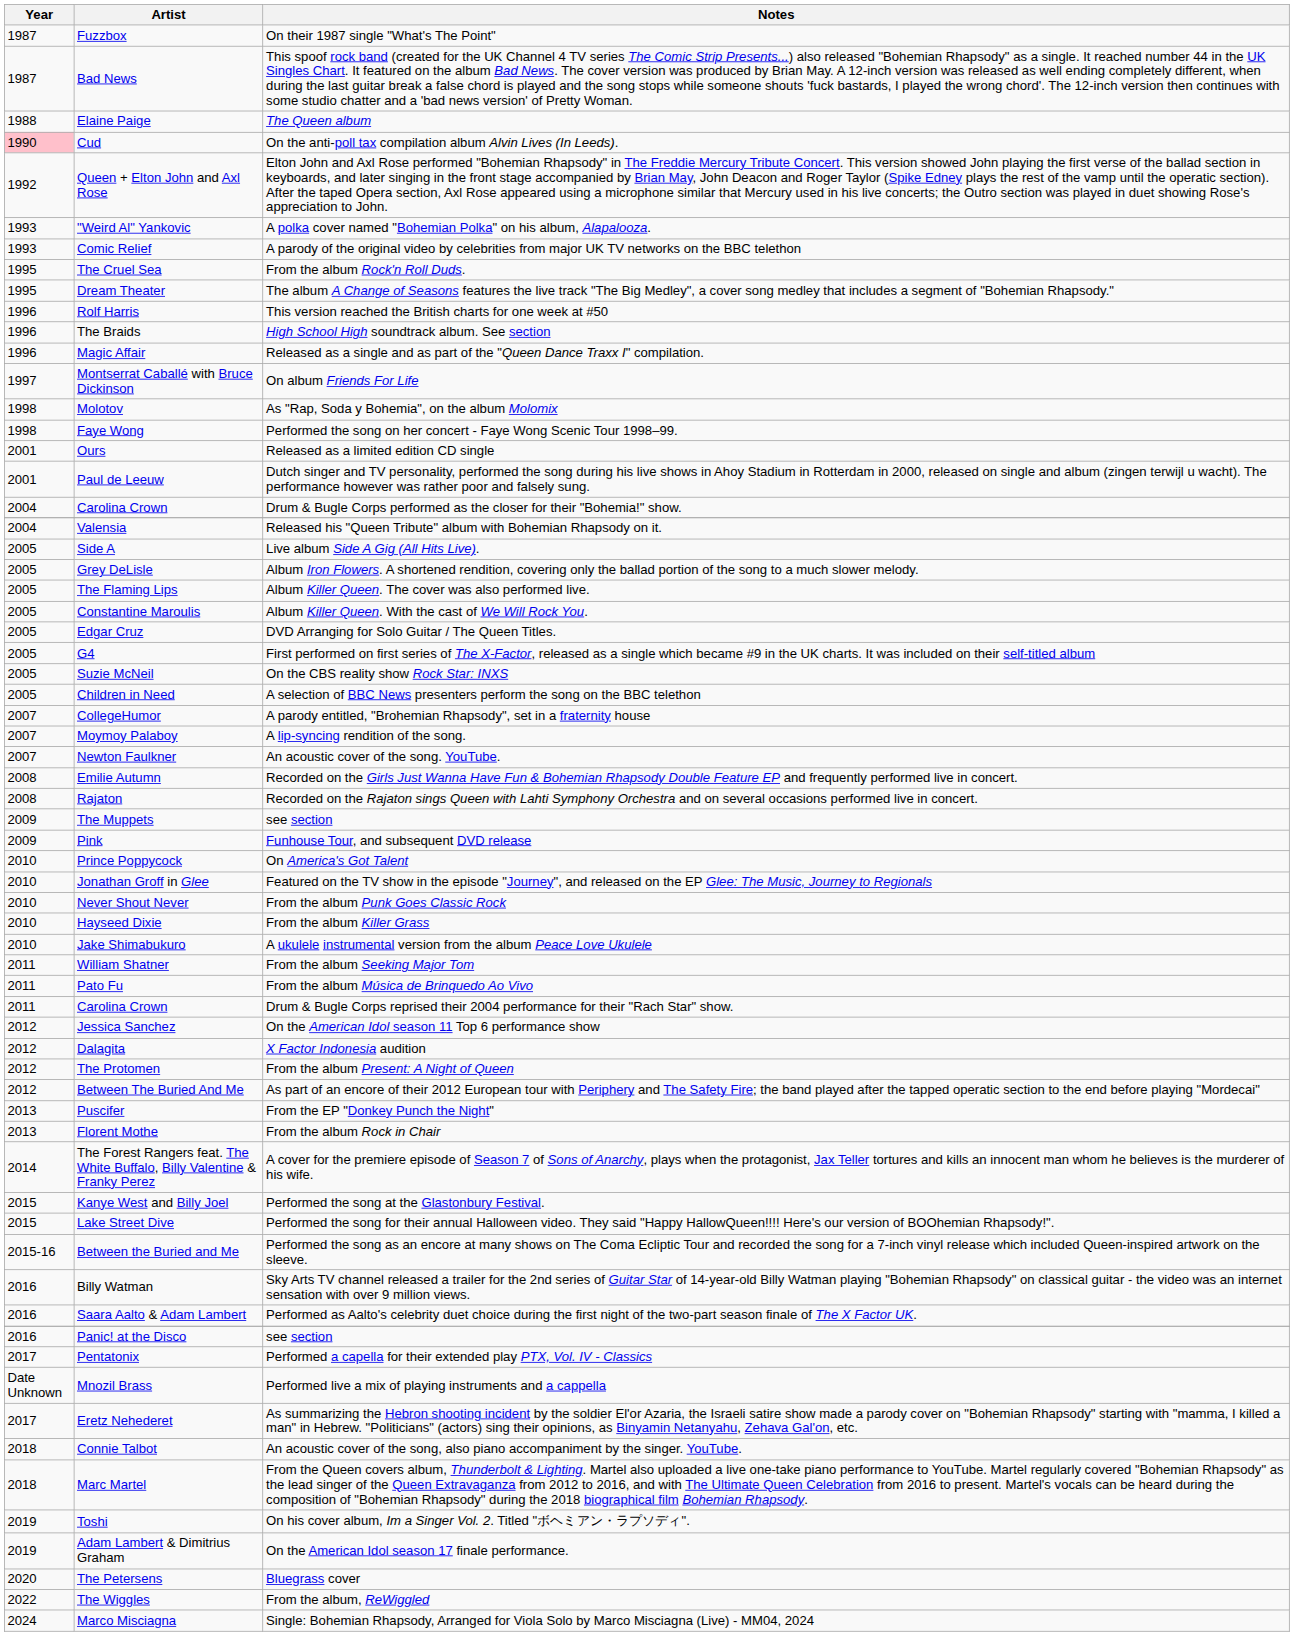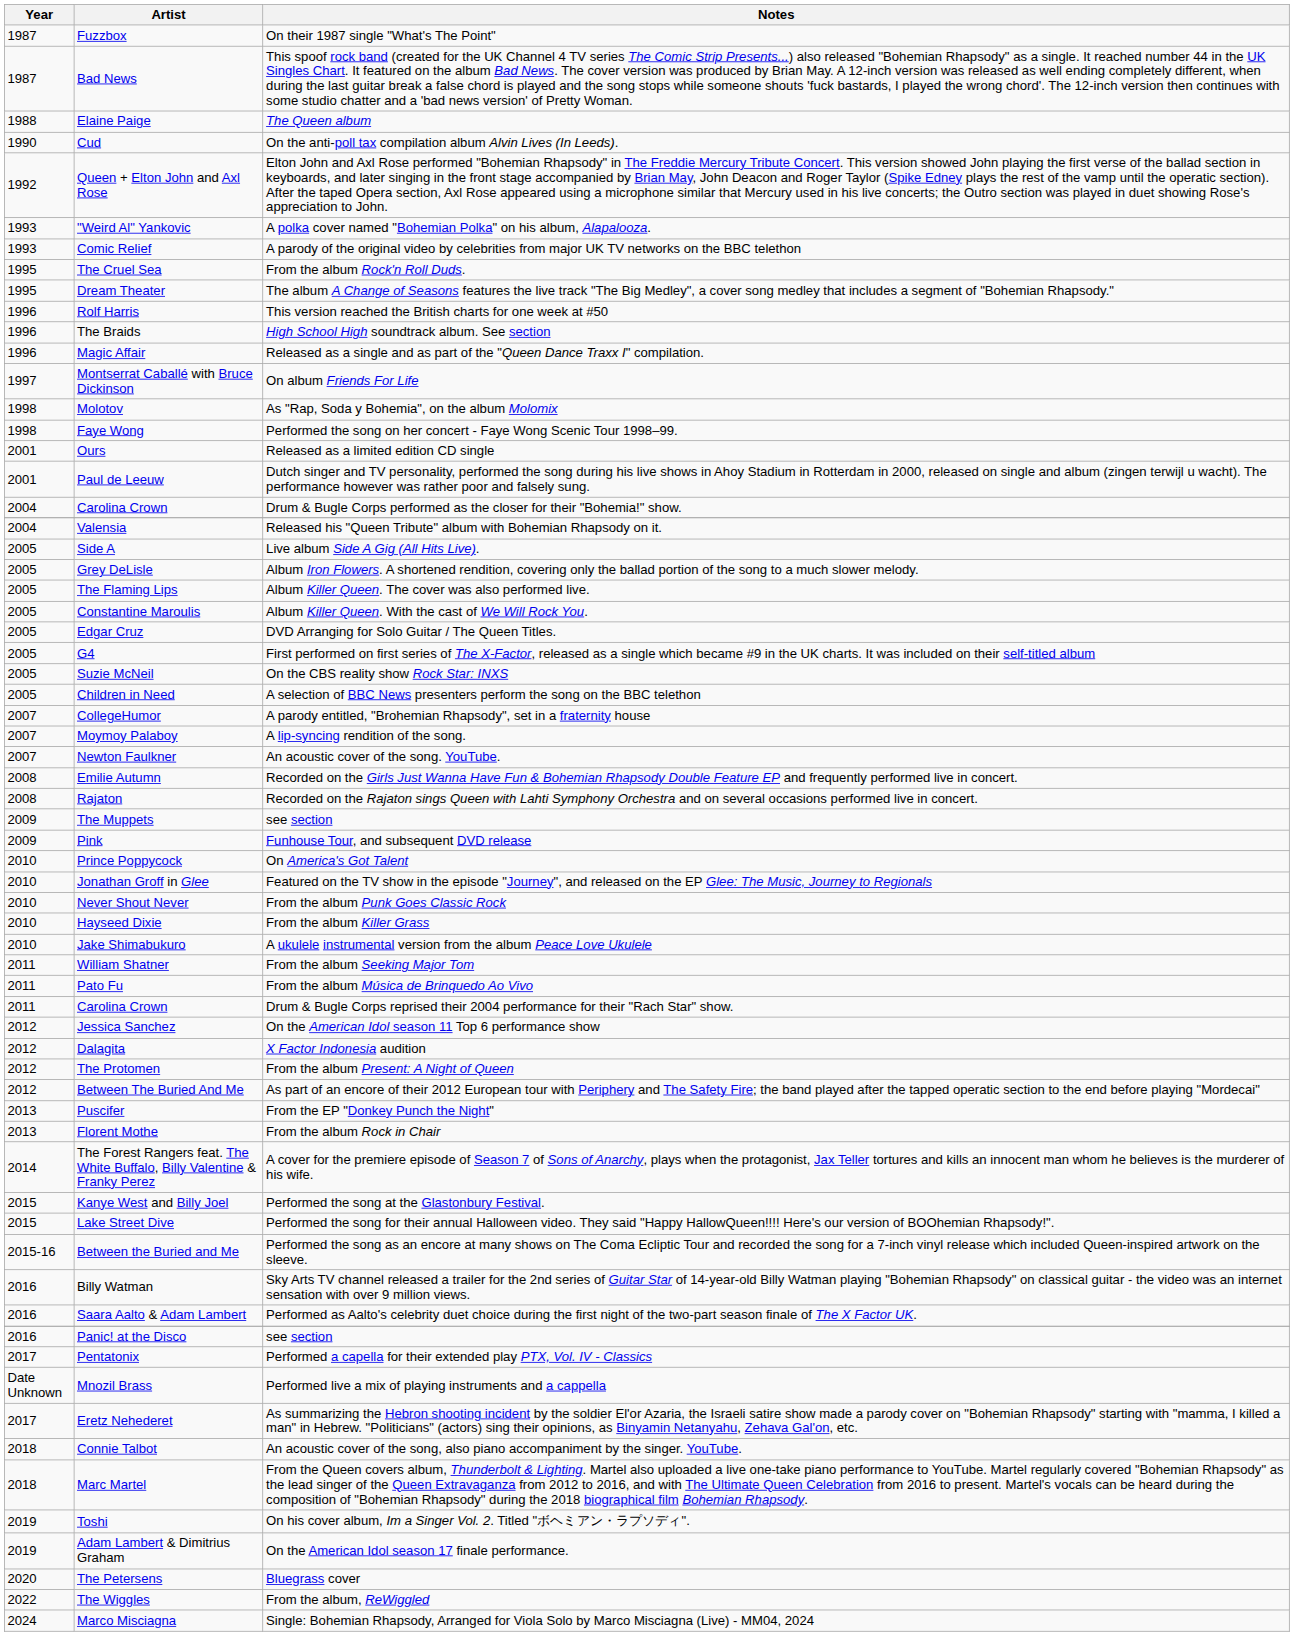 <table class="wikitable sortable">
 <tr>
 <th>Year</th>
 <th>Artist</th>
 <th>Notes</th>
 </tr>
 <tr class="sortbottom">
 <td>1987</td>
 <td><a href='#'>Fuzzbox</a></td>
 <td>On their 1987 single "What's The Point"</td>
 </tr>
 <tr class="sortbottom">
 <td>1987</td>
 <td><a href='#'>Bad News</a></td>
 <td>This spoof <a href='#'>rock band</a> (created for the UK Channel 4 TV series <em><a href='#'>The Comic Strip Presents...</a></em>) also released "Bohemian Rhapsody" as a single. It reached number 44 in the <a href='#'>UK Singles Chart</a>. It featured on the album <em><a href='#'>Bad News</a></em>. The cover version was produced by Brian May. A 12-inch version was released as well ending completely different, when during the last guitar break a false chord is played and the song stops while someone shouts 'fuck bastards, I played the wrong chord'. The 12-inch version then continues with some studio chatter and a 'bad news version' of Pretty Woman.</td>
 </tr>
 <tr class="sortbottom">
 <td>1988</td>
 <td><a href='#'>Elaine Paige</a></td>
 <td><em><a href='#'>The Queen album</a></em></td>
 </tr>
 <tr class="sortbottom">
-<td style="background: pink;">1990</td>
+<td>1990</td>
 <td><a href='#'>Cud</a></td>
 <td>On the anti-<a href='#'>poll tax</a> compilation album <em>Alvin Lives (In Leeds)</em>.</td>
 </tr>
 <tr class="sortbottom">
 <td>1992</td>
 <td><a href='#'>Queen</a> + <a href='#'>Elton John</a> and <a href='#'>Axl Rose</a></td>
 <td>Elton John and Axl Rose performed "Bohemian Rhapsody" in <a href='#'>The Freddie Mercury Tribute Concert</a>. This version showed John playing the first verse of the ballad section in keyboards, and later singing in the front stage accompanied by <a href='#'>Brian May</a>, John Deacon and Roger Taylor (<a href='#'>Spike Edney</a> plays the rest of the vamp until the operatic section). After the taped Opera section, Axl Rose appeared using a microphone similar that Mercury used in his live concerts; the Outro section was played in duet showing Rose's appreciation to John.</td>
 </tr>
 <tr class="sortbottom">
 <td>1993</td>
 <td><a href='#'>"Weird Al" Yankovic</a></td>
 <td>A <a href='#'>polka</a> cover named "<a href='#'>Bohemian Polka</a>" on his album, <em><a href='#'>Alapalooza</a></em>.</td>
 </tr>
 <tr class="sortbottom">
 <td>1993</td>
 <td><a href='#'>Comic Relief</a></td>
 <td>A parody of the original video by celebrities from major UK TV networks on the BBC telethon</td>
 </tr>
 <tr class="sortbottom">
 <td>1995</td>
 <td><a href='#'>The Cruel Sea</a></td>
 <td>From the album <em><a href='#'>Rock'n Roll Duds</a></em>.</td>
 </tr>
 <tr class="sortbottom">
 <td>1995</td>
 <td><a href='#'>Dream Theater</a></td>
 <td>The album <em><a href='#'>A Change of Seasons</a></em> features the live track "The Big Medley", a cover song medley that includes a segment of "Bohemian Rhapsody."</td>
 </tr>
 <tr class="sortbottom">
 <td>1996</td>
 <td><a href='#'>Rolf Harris</a></td>
 <td>This version reached the British charts for one week at #50</td>
 </tr>
 <tr class="sortbottom">
 <td>1996</td>
 <td The Braids>The Braids</td>
 <td><em><a href='#'>High School High</a></em> soundtrack album. See <a href='#'>section</a></td>
 </tr>
 <tr class="sortbottom">
 <td>1996</td>
 <td><a href='#'>Magic Affair</a></td>
 <td>Released as a single and as part of the "<em>Queen Dance Traxx I</em>" compilation.</td>
 </tr>
 <tr class="sortbottom">
 <td>1997</td>
 <td><a href='#'>Montserrat Caballé</a> with <a href='#'>Bruce Dickinson</a></td>
 <td>On album <em><a href='#'>Friends For Life</a></em></td>
 </tr>
 <tr class="sortbottom">
 <td>1998</td>
 <td><a href='#'>Molotov</a></td>
 <td>As "Rap, Soda y Bohemia", on the album <em><a href='#'>Molomix</a></em></td>
 </tr>
 <tr class="sortbottom">
 <td>1998</td>
 <td><a href='#'>Faye Wong</a></td>
 <td>Performed the song on her concert - Faye Wong Scenic Tour 1998–99.</td>
 </tr>
 <tr class="sortbottom">
 <td>2001</td>
 <td><a href='#'>Ours</a></td>
 <td>Released as a limited edition CD single</td>
 </tr>
 <tr class="sortbottom">
 <td>2001</td>
 <td><a href='#'>Paul de Leeuw</a></td>
 <td>Dutch singer and TV personality, performed the song during his live shows in Ahoy Stadium in Rotterdam in 2000, released on single and album (zingen terwijl u wacht). The performance however was rather poor and falsely sung.</td>
 </tr>
 <tr class="sortbottom">
 <td>2004</td>
 <td><a href='#'>Carolina Crown</a></td>
 <td>Drum & Bugle Corps performed as the closer for their "Bohemia!" show.</td>
 </tr>
 <tr>
 </tr>
 <tr class="sortbottom">
 <td>2004</td>
 <td><a href='#'>Valensia</a></td>
 <td>Released his "Queen Tribute" album with Bohemian Rhapsody on it.</td>
 </tr>
 <tr>
 <td>2005</td>
 <td><a href='#'>Side A</a></td>
 <td>Live album <em><a href='#'>Side A Gig (All Hits Live)</a></em>.</td>
 </tr>
 <tr class="sortbottom">
 <td>2005</td>
 <td><a href='#'>Grey DeLisle</a></td>
 <td>Album <em><a href='#'>Iron Flowers</a></em>. A shortened rendition, covering only the ballad portion of the song to a much slower melody.</td>
 </tr>
 <tr class="sortbottom">
 <td>2005</td>
 <td><a href='#'>The Flaming Lips</a></td>
 <td>Album <em><a href='#'>Killer Queen</a></em>. The cover was also performed live.</td>
 </tr>
 <tr class="sortbottom">
 <td>2005</td>
 <td><a href='#'>Constantine Maroulis</a></td>
 <td>Album <em><a href='#'>Killer Queen</a></em>.  With the cast of <em><a href='#'>We Will Rock You</a></em>.</td>
 </tr>
 <tr class="sortbottom">
 <td>2005</td>
 <td><a href='#'>Edgar Cruz</a></td>
 <td>DVD Arranging for Solo Guitar / The Queen Titles.</td>
 </tr>
 <tr class="sortbottom">
 <td>2005</td>
 <td><a href='#'>G4</a></td>
 <td>First performed on first series of <em><a href='#'>The X-Factor</a></em>, released as a single which became #9 in the UK charts. It was included on their <a href='#'>self-titled album</a></td>
 </tr>
 <tr class="sortbottom">
 <td>2005</td>
 <td><a href='#'>Suzie McNeil</a></td>
 <td>On the CBS reality show <em><a href='#'>Rock Star: INXS</a></em></td>
 </tr>
 <tr class="sortbottom">
 <td>2005</td>
 <td><a href='#'>Children in Need</a></td>
 <td>A selection of <a href='#'>BBC News</a> presenters perform the song on the BBC telethon</td>
 </tr>
 <tr class="sortbottom">
 <td>2007</td>
 <td><a href='#'>CollegeHumor</a></td>
 <td>A parody entitled, "Brohemian Rhapsody", set in a <a href='#'>fraternity</a> house</td>
 </tr>
 <tr class="sortbottom">
 <td>2007</td>
 <td><a href='#'>Moymoy Palaboy</a></td>
 <td>A <a href='#'>lip-syncing</a> rendition of the song.</td>
 </tr>
 <tr class="sortbottom">
 <td>2007</td>
 <td><a href='#'>Newton Faulkner</a></td>
 <td>An acoustic cover of the song. <a href='#'>YouTube</a>.</td>
 </tr>
 <tr class="sortbottom">
 <td>2008</td>
 <td><a href='#'>Emilie Autumn</a></td>
 <td>Recorded on the <em><a href='#'>Girls Just Wanna Have Fun & Bohemian Rhapsody Double Feature EP</a></em> and frequently performed live in concert.</td>
 </tr>
 <tr class="sortbottom">
 <td>2008</td>
 <td><a href='#'>Rajaton</a></td>
 <td>Recorded on the <em>Rajaton sings Queen with Lahti Symphony Orchestra</em> and on several occasions performed live in concert.</td>
 </tr>
 <tr class="sortbottom">
 <td>2009</td>
 <td><a href='#'>The Muppets</a></td>
 <td>see <a href='#'>section</a></td>
 </tr>
 <tr class="sortbottom">
 <td>2009</td>
 <td><a href='#'>Pink</a></td>
 <td><a href='#'>Funhouse Tour</a>, and subsequent <a href='#'>DVD release</a></td>
 </tr>
 <tr class="sortbottom">
 <td>2010</td>
 <td><a href='#'>Prince Poppycock</a></td>
 <td>On <em><a href='#'>America's Got Talent</a></em></td>
 </tr>
 <tr class="sortbottom">
 <td>2010</td>
 <td><a href='#'>Jonathan Groff</a> in <em><a href='#'>Glee</a></em></td>
 <td>Featured on the TV show in the episode "<a href='#'>Journey</a>", and released on the EP <em><a href='#'>Glee: The Music, Journey to Regionals</a></em></td>
 </tr>
 <tr class="sortbottom">
 <td>2010</td>
 <td><a href='#'>Never Shout Never</a></td>
 <td>From the album <em><a href='#'>Punk Goes Classic Rock</a></em></td>
 </tr>
 <tr class="sortbottom">
 <td>2010</td>
 <td><a href='#'>Hayseed Dixie</a></td>
 <td>From the album <em><a href='#'>Killer Grass</a></em></td>
 </tr>
 <tr class="sortbottom">
 <td>2010</td>
 <td><a href='#'>Jake Shimabukuro</a></td>
 <td>A <a href='#'>ukulele</a> <a href='#'>instrumental</a> version from the album <em><a href='#'>Peace Love Ukulele</a></em></td>
 </tr>
 <tr class="sortbottom">
 <td>2011</td>
 <td><a href='#'>William Shatner</a></td>
 <td>From the album <em><a href='#'>Seeking Major Tom</a></em></td>
 </tr>
 <tr class="sortbottom">
 <td>2011</td>
 <td><a href='#'>Pato Fu</a></td>
 <td>From the album <em><a href='#'>Música de Brinquedo Ao Vivo</a></em></td>
 </tr>
 <tr class="sortbottom">
 <td>2011</td>
 <td><a href='#'>Carolina Crown</a></td>
 <td>Drum & Bugle Corps reprised their 2004 performance for their "Rach Star" show.</td>
 </tr>
 <tr class="sortbottom">
 <td>2012</td>
 <td><a href='#'>Jessica Sanchez</a></td>
 <td>On the <a href='#'><em>American Idol</em> season 11</a> Top 6 performance show</td>
 </tr>
 <tr class="sortbottom">
 <td>2012</td>
 <td><a href='#'>Dalagita</a></td>
 <td><em><a href='#'>X Factor Indonesia</a></em> audition</td>
 </tr>
 <tr class="sortbottom">
 <td>2012</td>
 <td><a href='#'>The Protomen</a></td>
 <td>From the album <em><a href='#'>Present: A Night of Queen</a></em></td>
 </tr>
 <tr class="sortbottom">
 <td>2012</td>
 <td><a href='#'>Between The Buried And Me</a></td>
 <td>As part of an encore of their 2012 European tour with <a href='#'>Periphery</a> and <a href='#'>The Safety Fire</a>; the band played after the tapped operatic section to the end before playing "Mordecai"</td>
 </tr>
 <tr class="sortbottom">
 <td>2013</td>
 <td><a href='#'>Puscifer</a></td>
 <td>From the EP "<a href='#'>Donkey Punch the Night</a>"</td>
 </tr>
 <tr class="sortbottom">
 <td>2013</td>
 <td><a href='#'>Florent Mothe</a></td>
 <td>From the album <em>Rock in Chair</em></td>
 </tr>
 <tr class="sortbottom">
 <td>2014</td>
 <td>The Forest Rangers feat. <a href='#'>The White Buffalo</a>, <a href='#'>Billy Valentine</a> & <a href='#'>Franky Perez</a></td>
 <td>A cover for the premiere episode of <a href='#'>Season 7</a> of <em><a href='#'>Sons of Anarchy</a></em>, plays when the protagonist, <a href='#'>Jax Teller</a> tortures and kills an innocent man whom he believes is the murderer of his wife.</td>
 </tr>
 <tr>
 <td>2015</td>
 <td><a href='#'>Kanye West</a> and <a href='#'>Billy Joel </a></td>
 <td>Performed the song at the <a href='#'>Glastonbury Festival</a>.</td>
 </tr>
 <tr class="sortbottom">
 <td>2015</td>
 <td><a href='#'>Lake Street Dive</a></td>
 <td>Performed the song for their annual Halloween video. They said "Happy HallowQueen!!!! Here's our version of BOOhemian Rhapsody!".</td>
 </tr>
 <tr>
 <td>2015-16</td>
 <td><a href='#'>Between the Buried and Me</a></td>
 <td>Performed the song as an encore at many shows on The Coma Ecliptic Tour and recorded the song for a 7-inch vinyl release which included Queen-inspired artwork on the sleeve.</td>
 </tr>
 <tr>
 <td>2016</td>
 <td>Billy Watman</td>
 <td>Sky Arts TV channel released a trailer for the 2nd series of <em><a href='#'>Guitar Star</a></em> of 14-year-old Billy Watman playing "Bohemian Rhapsody" on classical guitar - the video was an internet sensation with over 9 million views.</td>
 </tr>
 <tr>
 <td>2016</td>
 <td><a href='#'>Saara Aalto</a> & <a href='#'>Adam Lambert</a></td>
 <td>Performed as Aalto's celebrity duet choice during the first night of the two-part season finale of <em><a href='#'>The X Factor UK</a></em>.</td>
 </tr>
 <tr>
 </tr>
 <tr class="sortbottom">
 <td>2016</td>
 <td><a href='#'>Panic! at the Disco</a></td>
 <td>see <a href='#'>section</a></td>
 </tr>
 <tr class="sortbottom">
 <td>2017</td>
 <td><a href='#'>Pentatonix</a></td>
 <td>Performed <a href='#'>a capella</a> for their extended play <em><a href='#'>PTX, Vol. IV - Classics</a></em></td>
 </tr>
 <tr>
 <td>Date Unknown</td>
 <td><a href='#'>Mnozil Brass</a></td>
 <td>Performed live a mix of playing instruments and <a href='#'>a cappella</a></td>
 </tr>
 <tr>
 <td>2017</td>
 <td><a href='#'>Eretz Nehederet</a></td>
 <td>As summarizing the <a href='#'>Hebron shooting incident</a> by the soldier El'or Azaria, the Israeli satire show made a parody cover on "Bohemian Rhapsody" starting with "mamma, I killed a man" in Hebrew. "Politicians" (actors) sing their opinions, as <a href='#'>Binyamin Netanyahu</a>, <a href='#'>Zehava Gal'on</a>, etc.</td>
 </tr>
 <tr>
 <td>2018</td>
 <td><a href='#'>Connie Talbot</a></td>
 <td>An acoustic cover of the song, also piano accompaniment by the singer. <a href='#'>YouTube</a>.</td>
 </tr>
 <tr>
 <td>2018</td>
 <td><a href='#'>Marc Martel</a></td>
 <td>From the Queen covers album, <em><a href='#'>Thunderbolt & Lighting</a></em>. Martel also uploaded a live one-take piano performance to YouTube. Martel regularly covered "Bohemian Rhapsody" as the lead singer of the <a href='#'>Queen Extravaganza</a> from 2012 to 2016, and with <a href='#'>The Ultimate Queen Celebration</a> from 2016 to present. Martel's vocals can be heard during the composition of "Bohemian Rhapsody" during the 2018 <a href='#'>biographical film</a> <a href='#'><em>Bohemian Rhapsody</em></a>.</td>
 </tr>
 <tr>
 <td>2019</td>
 <td><a href='#'>Toshi</a></td>
 <td>On his cover album, <em>Im a Singer Vol. 2</em>. Titled "ボヘミアン・ラプソディ".</td>
 </tr>
 <tr>
 <td>2019</td>
 <td><a href='#'>Adam Lambert</a> & Dimitrius Graham</td>
 <td>On the <a href='#'>American Idol season 17</a> finale performance.</td>
 </tr>
 <tr>
 <td>2020</td>
 <td><a href='#'>The Petersens</a></td>
 <td><a href='#'>Bluegrass</a> cover</td>
 </tr>
 <tr>
 <td>2022</td>
 <td><a href='#'>The Wiggles</a></td>
 <td>From the album, <em><a href='#'>ReWiggled</a></em></td>
 </tr>
 <tr>
 <td>2024</td>
 <td><a href='#'>Marco Misciagna</a></td>
 <td>Single: Bohemian Rhapsody, Arranged for Viola Solo by Marco Misciagna (Live) - MM04, 2024</td>
 </tr>
 </table>
